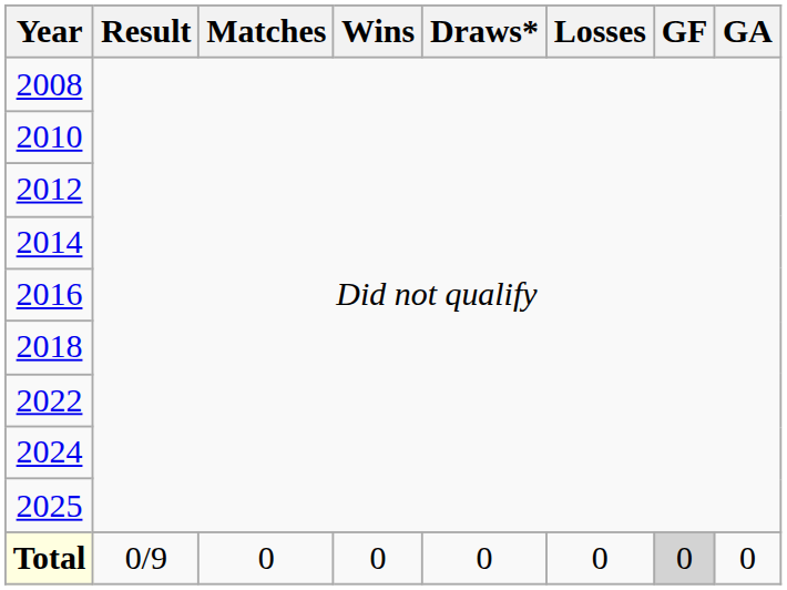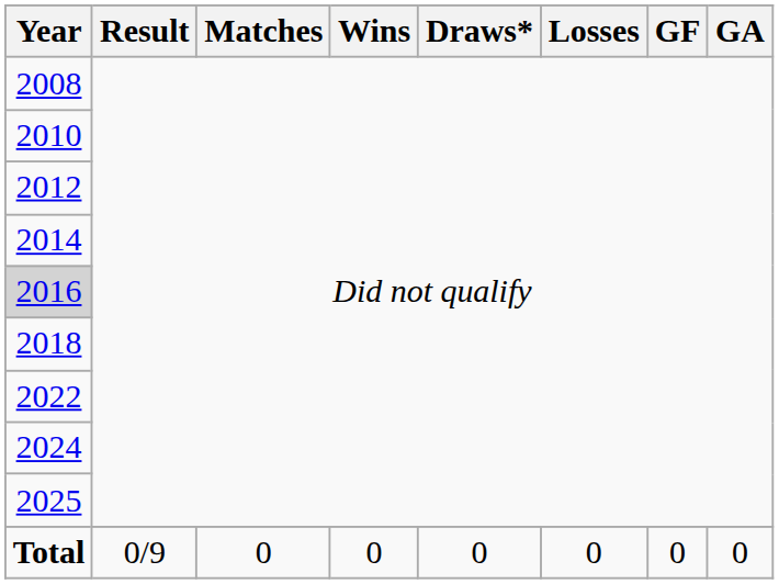 <table class="wikitable" style="text-align: center;">
 <tr>
 <th>Year</th>
 <th>Result</th>
 <th>Matches</th>
 <th>Wins</th>
 <th>Draws*</th>
 <th>Losses</th>
 <th>GF</th>
 <th>GA</th>
 </tr>
 <tr>
 <td> <a href='#'>2008</a></td>
 <td colspan=8 rowspan=9><em>Did not qualify </em></td>
 </tr>
 <tr>
 <td> <a href='#'>2010</a></td>
 </tr>
 <tr>
 <td> <a href='#'>2012</a></td>
 </tr>
 <tr>
 <td> <a href='#'>2014</a></td>
 </tr>
 <tr>
-<td> <a href='#'>2016</a></td>
+<td style="background: lightgrey;"> <a href='#'>2016</a></td>
 </tr>
 <tr>
 <td> <a href='#'>2018</a></td>
 </tr>
 <tr>
 <td> <a href='#'>2022</a></td>
 </tr>
 <tr>
 <td> <a href='#'>2024</a></td>
 </tr>
 <tr>
 <td> <a href='#'>2025</a></td>
 </tr>
 <tr>
-<td style="background: lightyellow;"><strong>Total</strong></td>
+<td><strong>Total</strong></td>
 <td>0/9</td>
 <td>0</td>
 <td>0</td>
 <td>0</td>
 <td>0</td>
-<td style="background: lightgrey;">0</td>
+<td>0</td>
 <td>0</td>
 </tr>
 </table>
